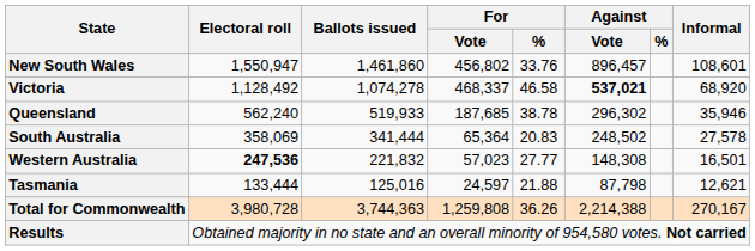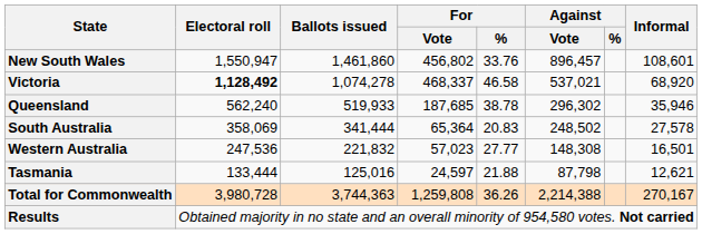 <table class="wikitable">
 <tr align=center>
 <th rowspan="2">State</th>
 <th rowspan="2">Electoral roll</th>
 <th rowspan="2">Ballots issued</th>
 <th align=center colspan="2">For</th>
 <th align=center colspan="2">Against</th>
 <th align=center rowspan="2">Informal</th>
 </tr>
 <tr>
 <th align=center>Vote</th>
 <th align=center>%</th>
 <th align=center>Vote</th>
 <th align=center>%</th>
 </tr>
 <tr align="right">
 <th style="text-align:left;">New South Wales</th>
 <td>1,550,947</td>
 <td>1,461,860</td>
 <td>456,802</td>
 <td align="center">33.76</td>
 <td>896,457</td>
 <td></td>
 <td>108,601</td>
 </tr>
 <tr align="right">
 <th style="text-align:left;">Victoria</th>
-<td>1,128,492</td>
+<td><strong>1,128,492</strong></td>
 <td>1,074,278</td>
 <td>468,337</td>
 <td align="center">46.58</td>
-<td><strong>537,021</strong></td>
+<td>537,021</td>
 <td></td>
 <td>68,920</td>
 </tr>
 <tr align="right">
 <th style="text-align:left;">Queensland</th>
 <td>562,240</td>
 <td>519,933</td>
 <td>187,685</td>
 <td align="center">38.78</td>
 <td>296,302</td>
 <td></td>
 <td>35,946</td>
 </tr>
 <tr align="right">
 <th style="text-align:left;">South Australia</th>
 <td>358,069</td>
 <td>341,444</td>
 <td>65,364</td>
 <td align="center">20.83</td>
 <td>248,502</td>
 <td></td>
 <td>27,578</td>
 </tr>
 <tr align="right">
 <th style="text-align:left;">Western Australia</th>
-<td><strong>247,536</strong></td>
+<td>247,536</td>
 <td>221,832</td>
 <td>57,023</td>
 <td align="center">27.77</td>
 <td>148,308</td>
 <td></td>
 <td>16,501</td>
 </tr>
 <tr align="right">
 <th style="text-align:left;">Tasmania</th>
 <td>133,444</td>
 <td>125,016</td>
 <td>24,597</td>
 <td align="center">21.88</td>
 <td>87,798</td>
 <td></td>
 <td>12,621</td>
 </tr>
 <tr bgcolor=#FFE0C0 align="right">
 <th style="text-align:left">Total for Commonwealth</th>
 <td noWrap>3,980,728</td>
 <td noWrap>3,744,363</td>
 <td noWrap>1,259,808</td>
 <td nowrap="" align="center">36.26</td>
 <td noWrap>2,214,388</td>
 <td></td>
 <td noWrap>270,167</td>
 </tr>
 <tr>
 <th style="text-align:left;">Results</th>
 <td colSpan="8"><em>Obtained majority in no state and an overall minority of 954,580 votes.</em> <strong>Not carried</strong></td>
 </tr>
 </table>
